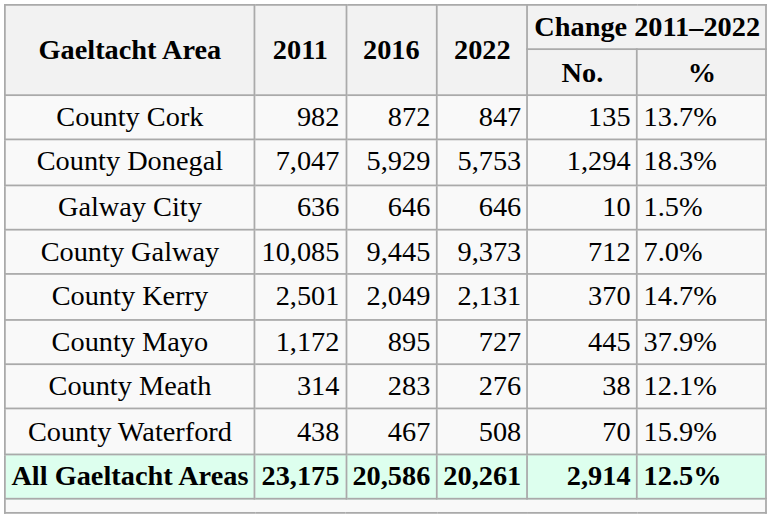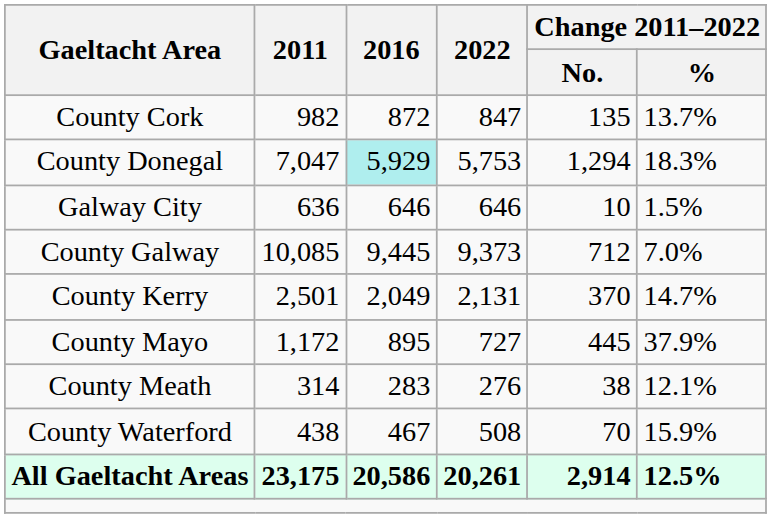 <table class="wikitable">
 <tr>
 <th rowspan=2>Gaeltacht Area</th>
 <th rowspan=2>2011</th>
 <th rowspan=2>2016</th>
 <th rowspan=2>2022</th>
 <th colspan=2>Change 2011–2022</th>
 </tr>
 <tr>
 <th>No.</th>
 <th>%</th>
 </tr>
 <tr>
 <td align="center">County Cork</td>
 <td align="right">982</td>
 <td align="right">872</td>
 <td align="right">847</td>
 <td align="right"> 135</td>
 <td> 13.7%</td>
 </tr>
 <tr>
 <td align="center">County Donegal</td>
 <td align="right">7,047</td>
-<td align="right">5,929</td>
+<td align="right" style="background: paleturquoise;">5,929</td>
 <td align="right">5,753</td>
 <td align="right"> 1,294</td>
 <td> 18.3%</td>
 </tr>
 <tr>
 <td align="center">Galway City</td>
 <td align="right">636</td>
 <td align="right">646</td>
 <td align="right">646</td>
 <td align="right"> 10</td>
 <td> 1.5%</td>
 </tr>
 <tr>
 <td align="center">County Galway</td>
 <td align="right">10,085</td>
 <td align="right">9,445</td>
 <td align="right">9,373</td>
 <td align="right"> 712</td>
 <td> 7.0%</td>
 </tr>
 <tr>
 <td align="center">County Kerry</td>
 <td align="right">2,501</td>
 <td align="right">2,049</td>
 <td align="right">2,131</td>
 <td align="right"> 370</td>
 <td> 14.7%</td>
 </tr>
 <tr>
 <td align="center">County Mayo</td>
 <td align="right">1,172</td>
 <td align="right">895</td>
 <td align="right">727</td>
 <td align="right"> 445</td>
 <td> 37.9%</td>
 </tr>
 <tr>
 <td align="center">County Meath</td>
 <td align="right">314</td>
 <td align="right">283</td>
 <td align="right">276</td>
 <td align="right"> 38</td>
 <td> 12.1%</td>
 </tr>
 <tr>
 <td align="center">County Waterford</td>
 <td align="right">438</td>
 <td align="right">467</td>
 <td align="right">508</td>
 <td align="right"> 70</td>
 <td> 15.9%</td>
 </tr>
 <tr style="background:#DDFFEE;">
 <td align="center"><strong>All Gaeltacht Areas</strong></td>
 <td align="right"><strong>23,175</strong></td>
 <td align="right"><strong>20,586</strong></td>
 <td align="right"><strong>20,261</strong></td>
 <td align="right"> <strong>2,914</strong></td>
 <td> <strong>12.5%</strong></td>
 </tr>
 <tr class="sortbottom">
 <td colspan="10"></td>
 </tr>
 </table>
